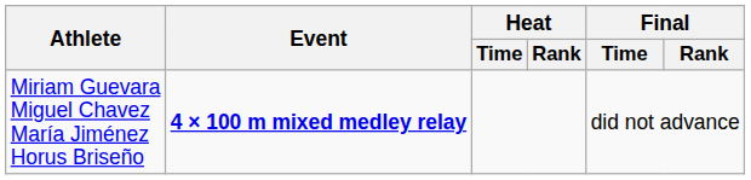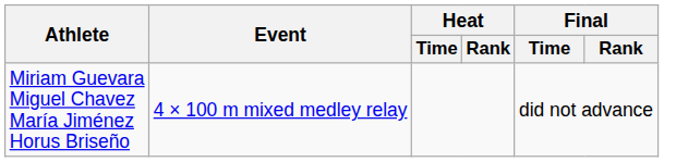 <table class=wikitable style="font-size:90%">
 <tr>
 <th rowspan="2">Athlete</th>
 <th rowspan="2">Event</th>
 <th colspan="2">Heat</th>
 <th colspan="2">Final</th>
 </tr>
 <tr style="font-size:95%">
 <th>Time</th>
 <th>Rank</th>
 <th>Time</th>
 <th>Rank</th>
 </tr>
 <tr align=center>
 <td align=left><a href='#'>Miriam Guevara</a><br><a href='#'>Miguel Chavez</a> <br><a href='#'>María Jiménez</a> <br><a href='#'>Horus Briseño</a></td>
-<td align=left><strong><a href='#'>4 × 100 m mixed medley relay</a></strong></td>
+<td align=left><a href='#'>4 × 100 m mixed medley relay</a></td>
 <td colspan=2></td>
 <td colspan=2>did not advance</td>
 </tr>
 </table>
